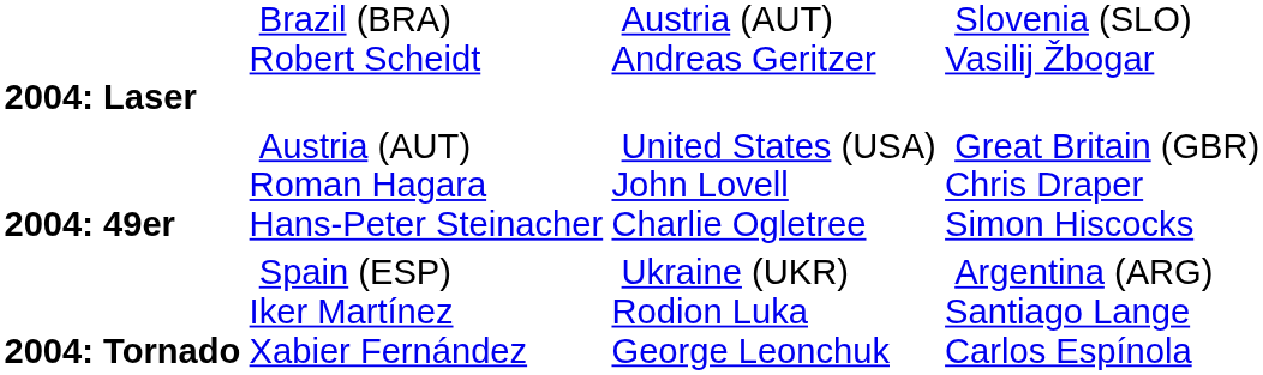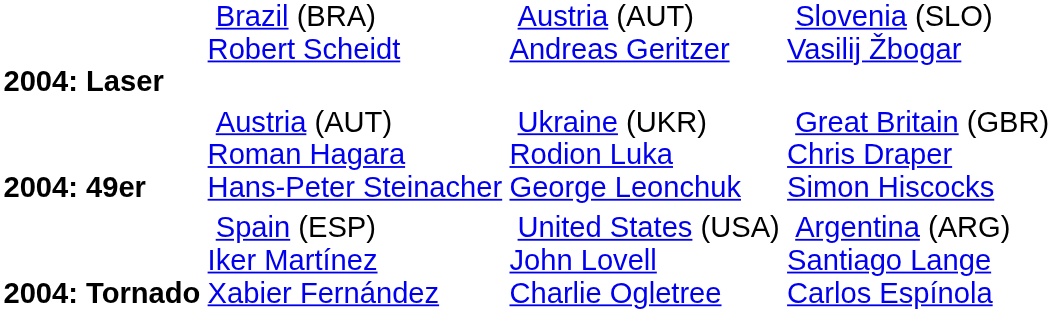 <table>
 <tr>
 <td style="align:center;"><br><br><strong>2004: Laser</strong> <br></td>
 <td style="vertical-align:top;"> <a href='#'>Brazil</a> <span>(BRA)</span><br><a href='#'>Robert Scheidt</a></td>
 <td style="vertical-align:top;"> <a href='#'>Austria</a> <span>(AUT)</span><br><a href='#'>Andreas Geritzer</a></td>
 <td style="vertical-align:top;"> <a href='#'>Slovenia</a> <span>(SLO)</span><br><a href='#'>Vasilij Žbogar</a></td>
 </tr>
 <tr>
 <td style="align:center;"><br><br><strong>2004: 49er</strong> <br></td>
 <td style="vertical-align:top;"> <a href='#'>Austria</a> <span>(AUT)</span><br><a href='#'>Roman Hagara</a><br><a href='#'>Hans-Peter Steinacher</a></td>
-<td style="vertical-align:top;"> <a href='#'>United States</a> <span>(USA)</span><br><a href='#'>John Lovell</a><br><a href='#'>Charlie Ogletree</a></td>
+<td style="vertical-align:top;"> <a href='#'>Ukraine</a> <span>(UKR)</span><br><a href='#'>Rodion Luka</a><br><a href='#'>George Leonchuk</a></td>
 <td style="vertical-align:top;"> <a href='#'>Great Britain</a> <span>(GBR)</span><br><a href='#'>Chris Draper</a><br><a href='#'>Simon Hiscocks</a></td>
 </tr>
 <tr>
 <td style="align:center;"><br><br><strong>2004: Tornado</strong> <br></td>
 <td style="vertical-align:top;"> <a href='#'>Spain</a> <span>(ESP)</span><br><a href='#'>Iker Martínez</a><br><a href='#'>Xabier Fernández</a></td>
-<td style="vertical-align:top;"> <a href='#'>Ukraine</a> <span>(UKR)</span><br><a href='#'>Rodion Luka</a><br><a href='#'>George Leonchuk</a></td>
+<td style="vertical-align:top;"> <a href='#'>United States</a> <span>(USA)</span><br><a href='#'>John Lovell</a><br><a href='#'>Charlie Ogletree</a></td>
 <td style="vertical-align:top;"> <a href='#'>Argentina</a> <span>(ARG)</span><br><a href='#'>Santiago Lange</a><br><a href='#'>Carlos Espínola</a></td>
 </tr>
 </table>
